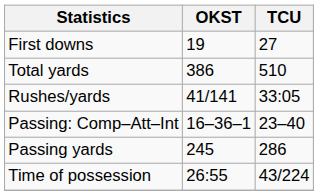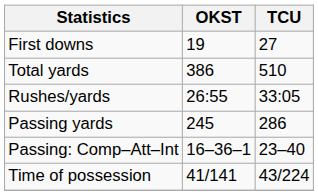 <table class="wikitable" style="float: left;">
 <tr>
 <th>Statistics</th>
 <th>OKST</th>
 <th>TCU</th>
 </tr>
 <tr>
 <td>First downs</td>
 <td>19</td>
 <td>27</td>
 </tr>
 <tr>
 <td>Total yards</td>
 <td>386</td>
 <td>510</td>
 </tr>
 <tr>
 <td>Rushes/yards</td>
-<td>41/141</td>
+<td>26:55</td>
 <td>33:05</td>
+</tr>
+<tr>
+<td>Passing yards</td>
+<td>245</td>
+<td>286</td>
 </tr>
 <tr>
 <td>Passing: Comp–Att–Int</td>
 <td>16–36–1</td>
 <td>23–40</td>
 </tr>
 <tr>
-<td>Passing yards</td>
-<td>245</td>
-<td>286</td>
-</tr>
-<tr>
 <td>Time of possession</td>
-<td>26:55</td>
+<td>41/141</td>
 <td>43/224</td>
 </tr>
 <tr>
 </tr>
 </table>
